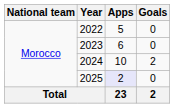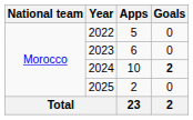 <table class="wikitable" style="text-align:center">
 <tr>
 <th>National team</th>
 <th>Year</th>
 <th>Apps</th>
 <th>Goals</th>
 </tr>
 <tr>
 <td rowspan="4"><a href='#'>Morocco</a></td>
 <td>2022</td>
 <td>5</td>
 <td>0</td>
 </tr>
 <tr>
 <td>2023</td>
 <td>6</td>
 <td>0</td>
 </tr>
 <tr>
 <td>2024</td>
 <td>10</td>
-<td>2</td>
+<td><strong>2</strong></td>
 </tr>
 <tr>
 <td>2025</td>
-<td style="background: lavender;">2</td>
+<td>2</td>
 <td>0</td>
 </tr>
 <tr>
 <th colspan="2">Total</th>
 <th>23</th>
 <th>2</th>
 </tr>
 </table>
